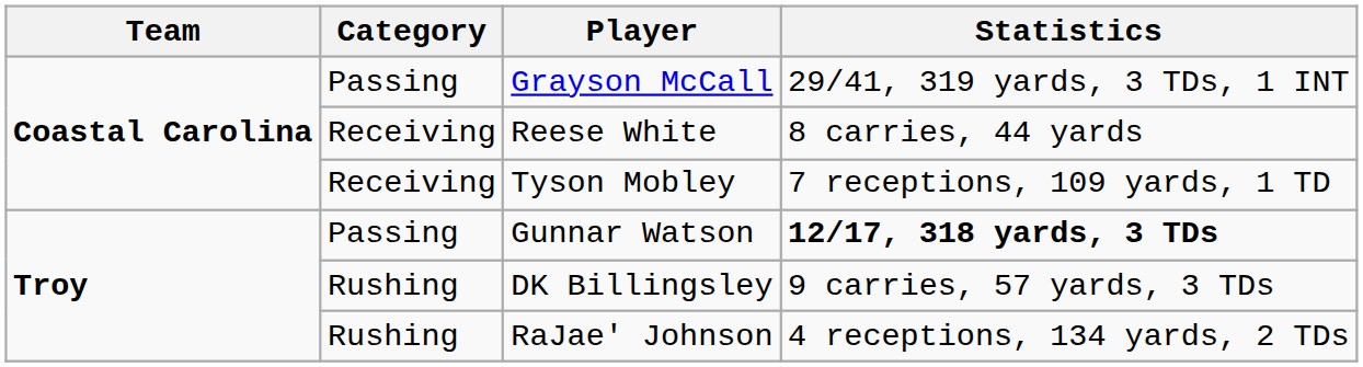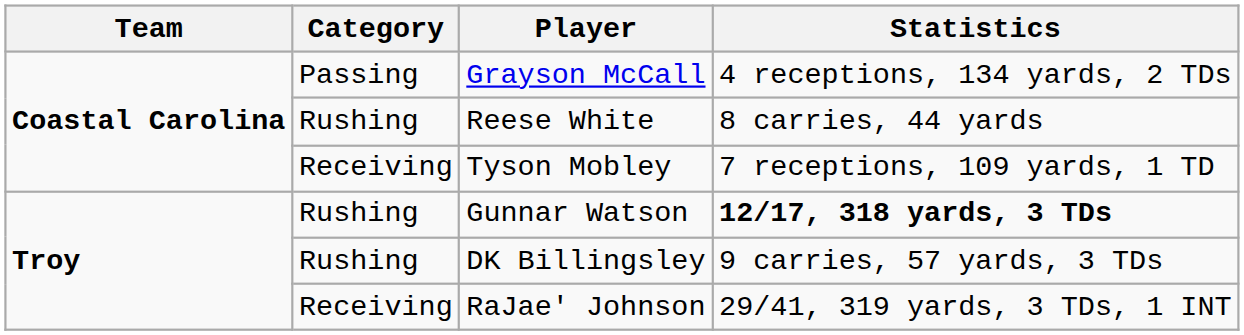 <table class="wikitable" style="float: right;">
 <tr>
 <th>Team</th>
 <th>Category</th>
 <th>Player</th>
 <th>Statistics</th>
 </tr>
 <tr>
 <td rowspan=3><strong>Coastal Carolina</strong></td>
 <td>Passing</td>
 <td><a href='#'>Grayson McCall</a></td>
-<td>29/41, 319 yards, 3 TDs, 1 INT</td>
+<td>4 receptions, 134 yards, 2 TDs</td>
 </tr>
 <tr>
-<td>Receiving</td>
+<td>Rushing</td>
 <td>Reese White</td>
 <td>8 carries, 44 yards</td>
 </tr>
 <tr>
 <td>Receiving</td>
 <td>Tyson Mobley</td>
 <td>7 receptions, 109 yards, 1 TD</td>
 </tr>
 <tr>
 <td rowspan=3><strong>Troy</strong></td>
-<td>Passing</td>
+<td>Rushing</td>
 <td>Gunnar Watson</td>
 <td><strong>12/17, 318 yards, 3 TDs</strong></td>
 </tr>
 <tr>
 <td>Rushing</td>
 <td>DK Billingsley</td>
 <td>9 carries, 57 yards, 3 TDs</td>
 </tr>
 <tr>
-<td>Rushing</td>
+<td>Receiving</td>
 <td>RaJae' Johnson</td>
-<td>4 receptions, 134 yards, 2 TDs</td>
+<td>29/41, 319 yards, 3 TDs, 1 INT</td>
 </tr>
 </table>
